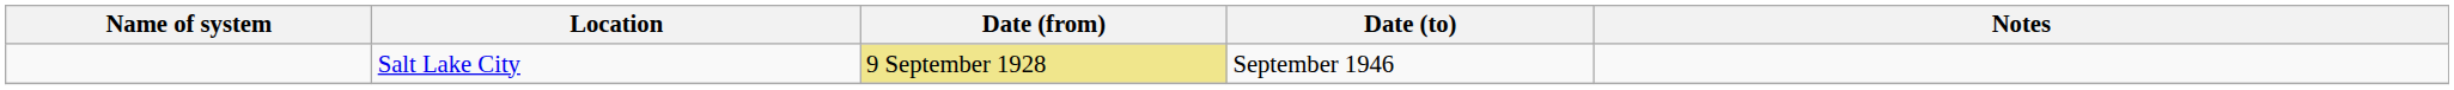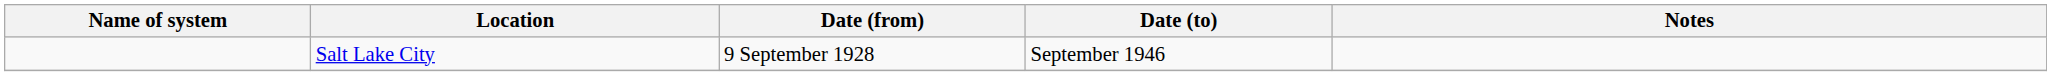 <table class="wikitable" width=100%>
 <tr>
 <th width=15%>Name of system</th>
 <th width=20%>Location</th>
 <th width=15%>Date (from)</th>
 <th width=15%>Date (to)</th>
 <th width=35%>Notes</th>
 </tr>
 <tr>
 <td> </td>
 <td><a href='#'>Salt Lake City</a></td>
-<td style="background: khaki;">9 September 1928</td>
+<td>9 September 1928</td>
 <td>September 1946</td>
 <td> </td>
 </tr>
 <tr>
 </tr>
 </table>
